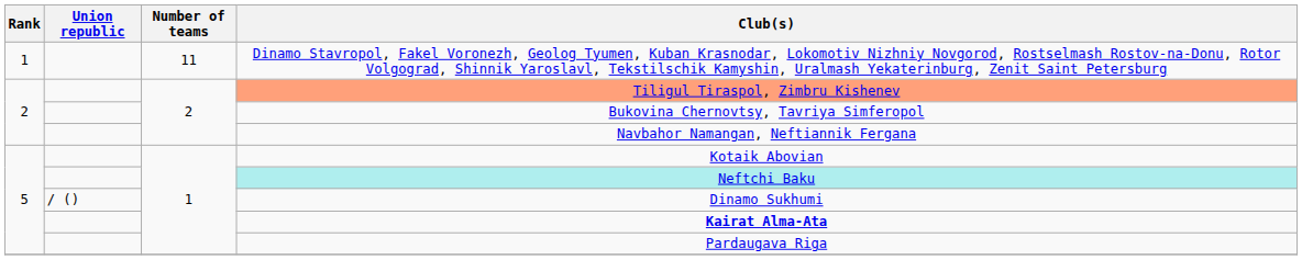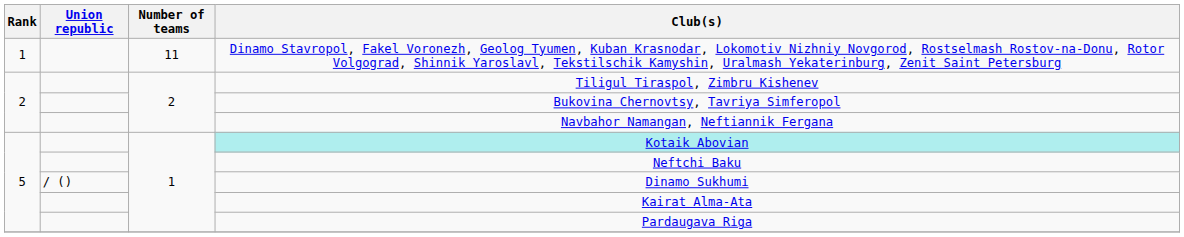 <table class="wikitable">
 <tr>
 <th>Rank</th>
 <th><a href='#'>Union republic</a></th>
 <th>Number of teams</th>
 <th>Club(s)</th>
 </tr>
 <tr>
 <td align="center">1</td>
 <td></td>
 <td align="center">11</td>
 <td align="center"><a href='#'>Dinamo Stavropol</a>, <a href='#'>Fakel Voronezh</a>, <a href='#'>Geolog Tyumen</a>, <a href='#'>Kuban Krasnodar</a>, <a href='#'>Lokomotiv Nizhniy Novgorod</a>, <a href='#'>Rostselmash Rostov-na-Donu</a>, <a href='#'>Rotor Volgograd</a>, <a href='#'>Shinnik Yaroslavl</a>, <a href='#'>Tekstilschik Kamyshin</a>, <a href='#'>Uralmash Yekaterinburg</a>, <a href='#'>Zenit Saint Petersburg</a></td>
 </tr>
 <tr>
 <td align="center" rowspan=3>2</td>
 <td></td>
 <td align="center" rowspan=3>2</td>
-<td align="center" style="background: lightsalmon;"><a href='#'>Tiligul Tiraspol</a>, <a href='#'>Zimbru Kishenev</a></td>
+<td align="center"><a href='#'>Tiligul Tiraspol</a>, <a href='#'>Zimbru Kishenev</a></td>
 </tr>
 <tr>
 <td></td>
 <td align="center"><a href='#'>Bukovina Chernovtsy</a>, <a href='#'>Tavriya Simferopol</a></td>
 </tr>
 <tr>
 <td></td>
 <td align="center"><a href='#'>Navbahor Namangan</a>, <a href='#'>Neftiannik Fergana</a></td>
 </tr>
 <tr>
 <td align="center" rowspan=5>5</td>
 <td></td>
 <td align="center" rowspan=5>1</td>
-<td align="center"><a href='#'>Kotaik Abovian</a></td>
+<td align="center" style="background: paleturquoise;"><a href='#'>Kotaik Abovian</a></td>
 </tr>
 <tr>
 <td></td>
-<td align="center" style="background: paleturquoise;"><a href='#'>Neftchi Baku</a></td>
+<td align="center"><a href='#'>Neftchi Baku</a></td>
 </tr>
 <tr>
 <td> / ()</td>
 <td align="center"><a href='#'>Dinamo Sukhumi</a></td>
 </tr>
 <tr>
 <td></td>
-<td align="center"><strong><a href='#'>Kairat Alma-Ata</a></strong></td>
+<td align="center"><a href='#'>Kairat Alma-Ata</a></td>
 </tr>
 <tr>
 <td></td>
 <td align="center"><a href='#'>Pardaugava Riga</a></td>
 </tr>
 <tr>
 </tr>
 </table>
